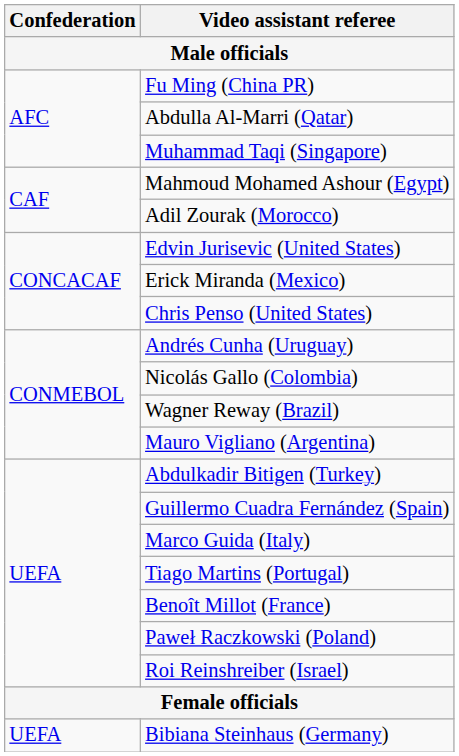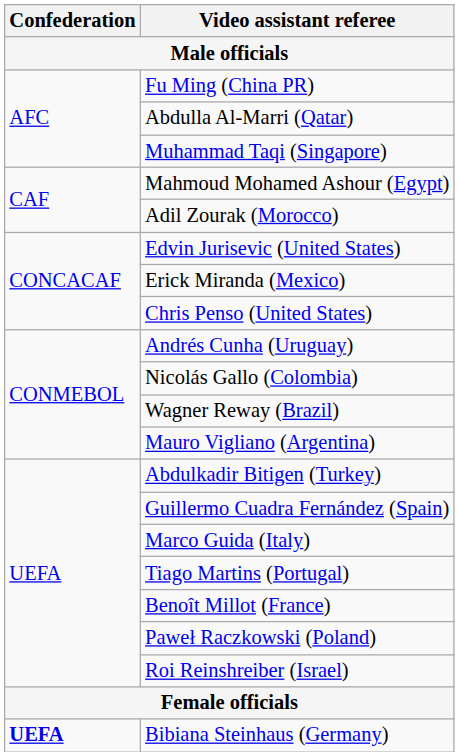 <table class="wikitable">
 <tr>
 <th>Confederation</th>
 <th>Video assistant referee</th>
 </tr>
 <tr>
 <td colspan="3" style="text-align:center; background:whitesmoke;"><strong>Male officials</strong></td>
 </tr>
 <tr>
 <td rowspan="3"><a href='#'>AFC</a></td>
 <td><a href='#'>Fu Ming</a> (<a href='#'>China PR</a>)</td>
 </tr>
 <tr>
 <td>Abdulla Al-Marri (<a href='#'>Qatar</a>)</td>
 </tr>
 <tr>
 <td><a href='#'>Muhammad Taqi</a> (<a href='#'>Singapore</a>)</td>
 </tr>
 <tr>
 <td rowspan="2"><a href='#'>CAF</a></td>
 <td>Mahmoud Mohamed Ashour (<a href='#'>Egypt</a>)</td>
 </tr>
 <tr>
 <td>Adil Zourak (<a href='#'>Morocco</a>)</td>
 </tr>
 <tr>
 <td rowspan="3"><a href='#'>CONCACAF</a></td>
 <td><a href='#'>Edvin Jurisevic</a> (<a href='#'>United States</a>)</td>
 </tr>
 <tr>
 <td>Erick Miranda (<a href='#'>Mexico</a>)</td>
 </tr>
 <tr>
 <td><a href='#'>Chris Penso</a> (<a href='#'>United States</a>)</td>
 </tr>
 <tr>
 <td rowspan="4"><a href='#'>CONMEBOL</a></td>
 <td><a href='#'>Andrés Cunha</a> (<a href='#'>Uruguay</a>)</td>
 </tr>
 <tr>
 <td>Nicolás Gallo (<a href='#'>Colombia</a>)</td>
 </tr>
 <tr>
 <td>Wagner Reway (<a href='#'>Brazil</a>)</td>
 </tr>
 <tr>
 <td><a href='#'>Mauro Vigliano</a> (<a href='#'>Argentina</a>)</td>
 </tr>
 <tr>
 <td rowspan="7"><a href='#'>UEFA</a></td>
 <td><a href='#'>Abdulkadir Bitigen</a> (<a href='#'>Turkey</a>)</td>
 </tr>
 <tr>
 <td><a href='#'>Guillermo Cuadra Fernández</a> (<a href='#'>Spain</a>)</td>
 </tr>
 <tr>
 <td><a href='#'>Marco Guida</a> (<a href='#'>Italy</a>)</td>
 </tr>
 <tr>
 <td><a href='#'>Tiago Martins</a> (<a href='#'>Portugal</a>)</td>
 </tr>
 <tr>
 <td><a href='#'>Benoît Millot</a> (<a href='#'>France</a>)</td>
 </tr>
 <tr>
 <td><a href='#'>Paweł Raczkowski</a> (<a href='#'>Poland</a>)</td>
 </tr>
 <tr>
 <td><a href='#'>Roi Reinshreiber</a> (<a href='#'>Israel</a>)</td>
 </tr>
 <tr>
 <td colspan="3" style="text-align:center; background:whitesmoke;"><strong>Female officials</strong></td>
 </tr>
 <tr>
-<td><a href='#'>UEFA</a></td>
+<td><strong><a href='#'>UEFA</a></strong></td>
 <td><a href='#'>Bibiana Steinhaus</a> (<a href='#'>Germany</a>)</td>
 </tr>
 </table>
